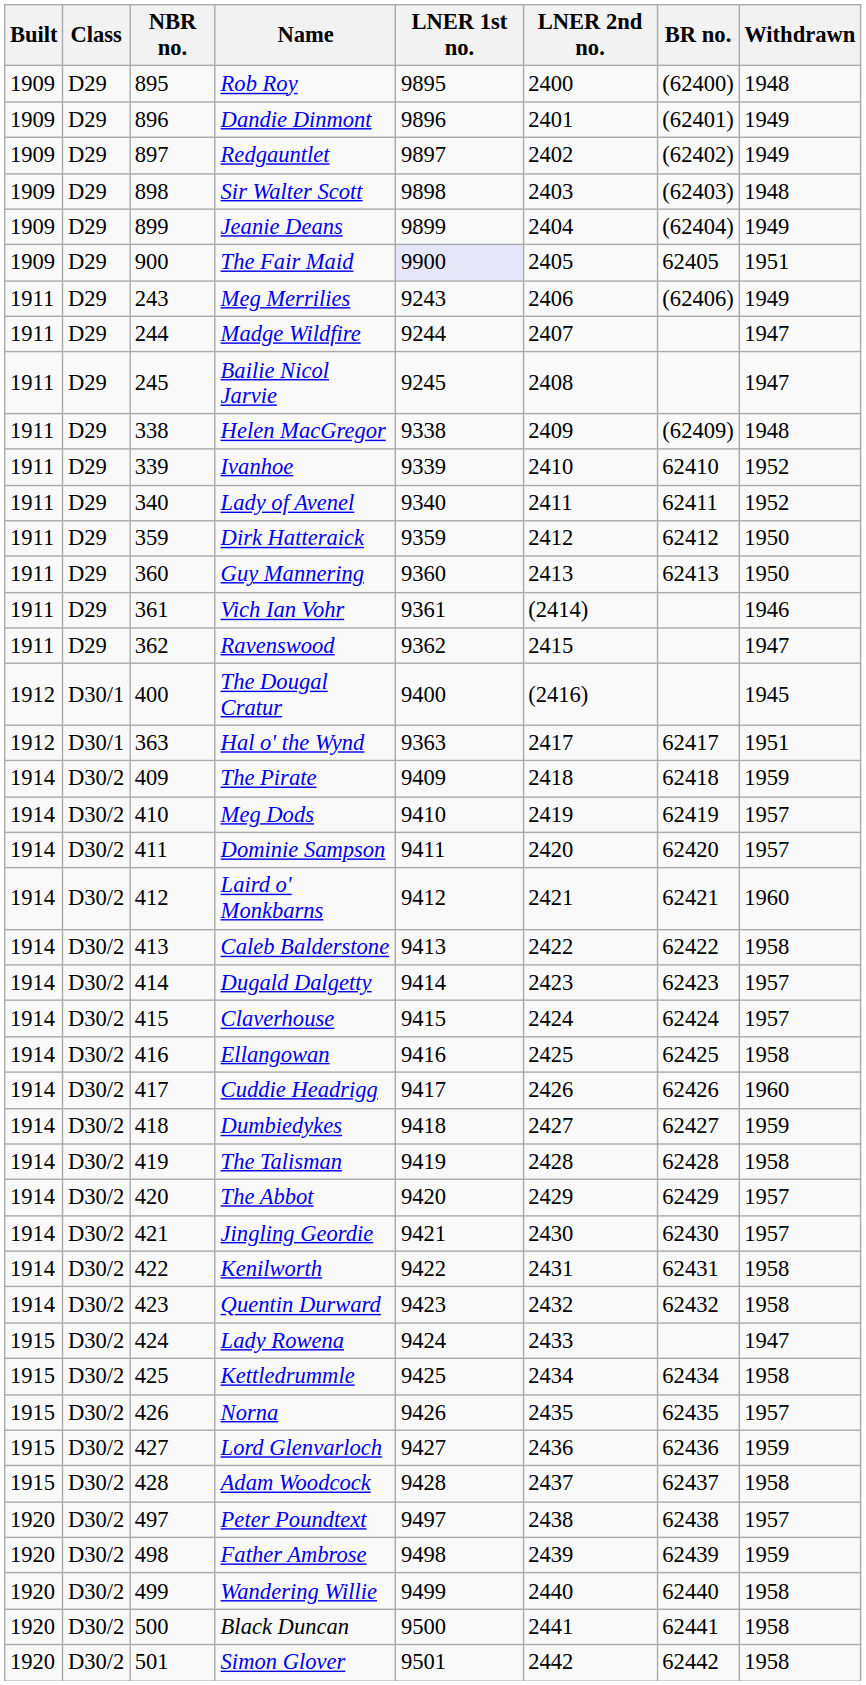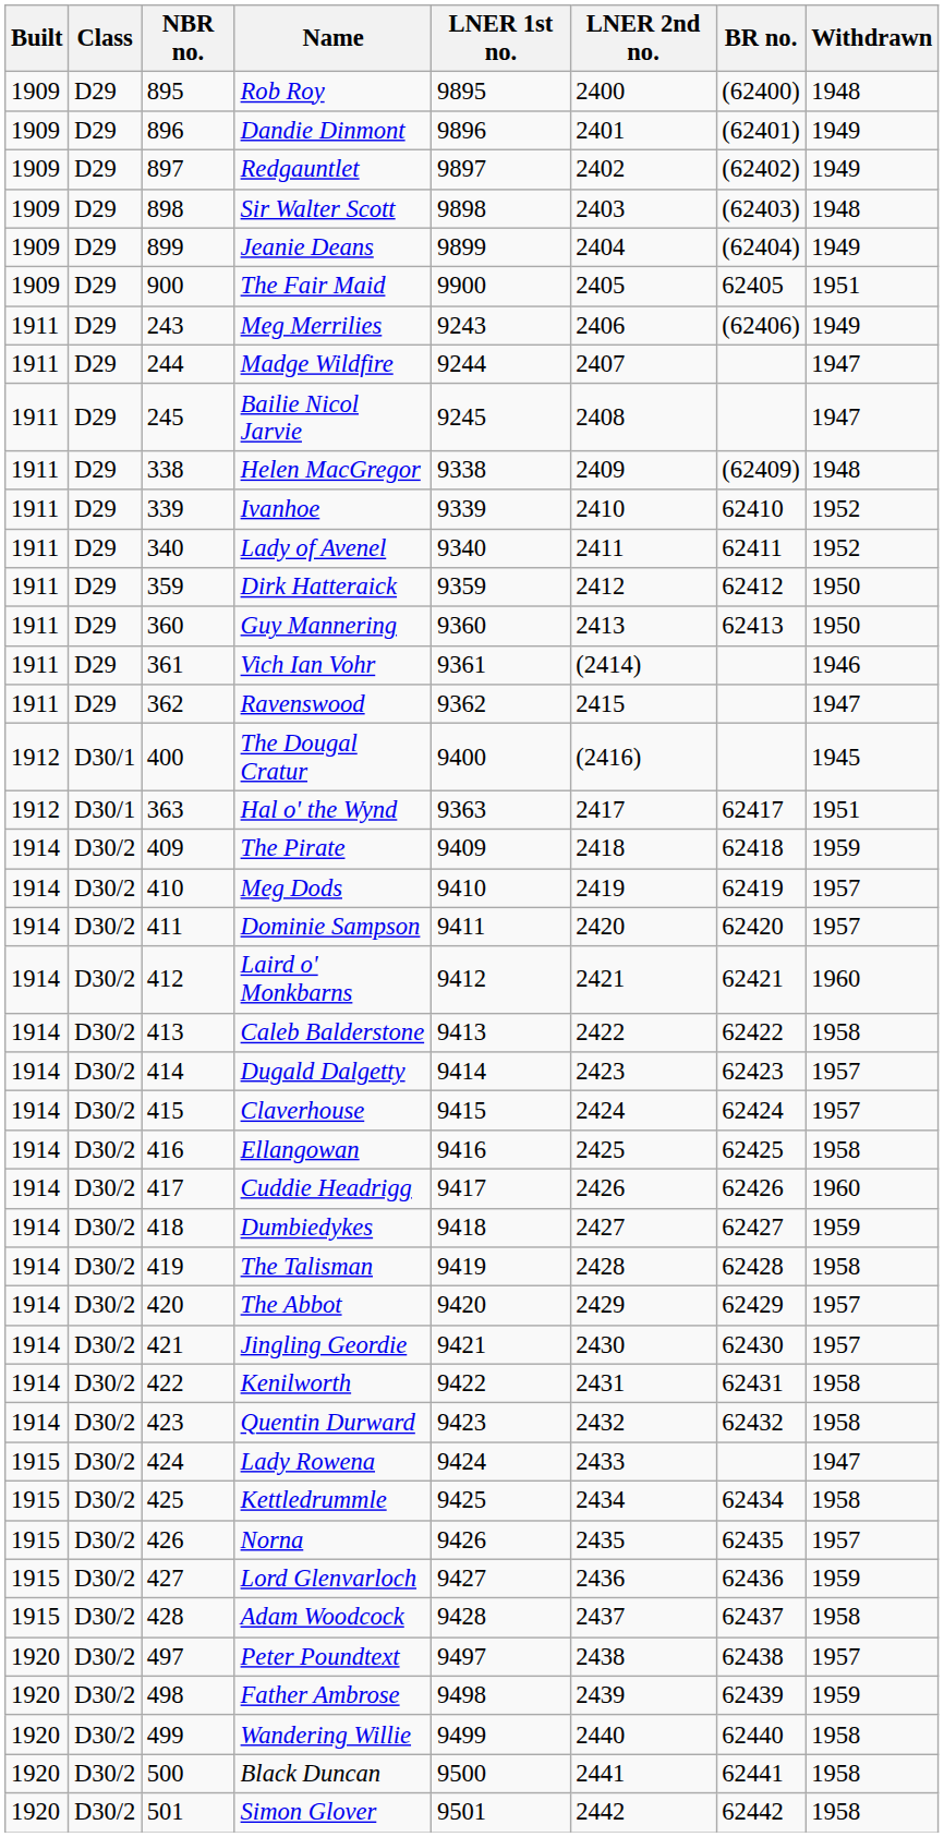 <table class="wikitable sortable">
 <tr>
 <th>Built</th>
 <th>Class</th>
 <th>NBR no.</th>
 <th>Name</th>
 <th>LNER 1st no.</th>
 <th>LNER 2nd no.</th>
 <th>BR no.</th>
 <th>Withdrawn</th>
 </tr>
 <tr>
 <td>1909</td>
 <td>D29</td>
 <td>895</td>
 <td><em><a href='#'>Rob Roy</a></em></td>
 <td>9895</td>
 <td>2400</td>
 <td>(62400)</td>
 <td>1948</td>
 </tr>
 <tr>
 <td>1909</td>
 <td>D29</td>
 <td>896</td>
 <td><em><a href='#'>Dandie Dinmont</a></em></td>
 <td>9896</td>
 <td>2401</td>
 <td>(62401)</td>
 <td>1949</td>
 </tr>
 <tr>
 <td>1909</td>
 <td>D29</td>
 <td>897</td>
 <td><em><a href='#'>Redgauntlet</a></em></td>
 <td>9897</td>
 <td>2402</td>
 <td>(62402)</td>
 <td>1949</td>
 </tr>
 <tr>
 <td>1909</td>
 <td>D29</td>
 <td>898</td>
 <td><em><a href='#'>Sir Walter Scott</a></em></td>
 <td>9898</td>
 <td>2403</td>
 <td>(62403)</td>
 <td>1948</td>
 </tr>
 <tr>
 <td>1909</td>
 <td>D29</td>
 <td>899</td>
 <td><em><a href='#'>Jeanie Deans</a></em></td>
 <td>9899</td>
 <td>2404</td>
 <td>(62404)</td>
 <td>1949</td>
 </tr>
 <tr>
 <td>1909</td>
 <td>D29</td>
 <td>900</td>
 <td><em><a href='#'>The Fair Maid</a></em></td>
-<td style="background: lavender;">9900</td>
+<td>9900</td>
 <td>2405</td>
 <td>62405</td>
 <td>1951</td>
 </tr>
 <tr>
 <td>1911</td>
 <td>D29</td>
 <td>243</td>
 <td><em><a href='#'>Meg Merrilies</a></em></td>
 <td>9243</td>
 <td>2406</td>
 <td>(62406)</td>
 <td>1949</td>
 </tr>
 <tr>
 <td>1911</td>
 <td>D29</td>
 <td>244</td>
 <td><em><a href='#'>Madge Wildfire</a></em></td>
 <td>9244</td>
 <td>2407</td>
 <td></td>
 <td>1947</td>
 </tr>
 <tr>
 <td>1911</td>
 <td>D29</td>
 <td>245</td>
 <td><em><a href='#'>Bailie Nicol Jarvie</a></em></td>
 <td>9245</td>
 <td>2408</td>
 <td></td>
 <td>1947</td>
 </tr>
 <tr>
 <td>1911</td>
 <td>D29</td>
 <td>338</td>
 <td><em><a href='#'>Helen MacGregor</a></em></td>
 <td>9338</td>
 <td>2409</td>
 <td>(62409)</td>
 <td>1948</td>
 </tr>
 <tr>
 <td>1911</td>
 <td>D29</td>
 <td>339</td>
 <td><em><a href='#'>Ivanhoe</a></em></td>
 <td>9339</td>
 <td>2410</td>
 <td>62410</td>
 <td>1952</td>
 </tr>
 <tr>
 <td>1911</td>
 <td>D29</td>
 <td>340</td>
 <td><em><a href='#'>Lady of Avenel</a></em></td>
 <td>9340</td>
 <td>2411</td>
 <td>62411</td>
 <td>1952</td>
 </tr>
 <tr>
 <td>1911</td>
 <td>D29</td>
 <td>359</td>
 <td><em><a href='#'>Dirk Hatteraick</a></em></td>
 <td>9359</td>
 <td>2412</td>
 <td>62412</td>
 <td>1950</td>
 </tr>
 <tr>
 <td>1911</td>
 <td>D29</td>
 <td>360</td>
 <td><em><a href='#'>Guy Mannering</a></em></td>
 <td>9360</td>
 <td>2413</td>
 <td>62413</td>
 <td>1950</td>
 </tr>
 <tr>
 <td>1911</td>
 <td>D29</td>
 <td>361</td>
 <td><em><a href='#'>Vich Ian Vohr</a></em></td>
 <td>9361</td>
 <td>(2414)</td>
 <td></td>
 <td>1946</td>
 </tr>
 <tr>
 <td>1911</td>
 <td>D29</td>
 <td>362</td>
 <td><em><a href='#'>Ravenswood</a></em></td>
 <td>9362</td>
 <td>2415</td>
 <td></td>
 <td>1947</td>
 </tr>
 <tr>
 <td>1912</td>
 <td>D30/1</td>
 <td>400</td>
 <td><em><a href='#'>The Dougal Cratur</a></em></td>
 <td>9400</td>
 <td>(2416)</td>
 <td></td>
 <td>1945</td>
 </tr>
 <tr>
 <td>1912</td>
 <td>D30/1</td>
 <td>363</td>
 <td><em><a href='#'>Hal o' the Wynd</a></em></td>
 <td>9363</td>
 <td>2417</td>
 <td>62417</td>
 <td>1951</td>
 </tr>
 <tr>
 <td>1914</td>
 <td>D30/2</td>
 <td>409</td>
 <td><em><a href='#'>The Pirate</a></em></td>
 <td>9409</td>
 <td>2418</td>
 <td>62418</td>
 <td>1959</td>
 </tr>
 <tr>
 <td>1914</td>
 <td>D30/2</td>
 <td>410</td>
 <td><em><a href='#'>Meg Dods</a></em></td>
 <td>9410</td>
 <td>2419</td>
 <td>62419</td>
 <td>1957</td>
 </tr>
 <tr>
 <td>1914</td>
 <td>D30/2</td>
 <td>411</td>
 <td><em><a href='#'>Dominie Sampson</a></em></td>
 <td>9411</td>
 <td>2420</td>
 <td>62420</td>
 <td>1957</td>
 </tr>
 <tr>
 <td>1914</td>
 <td>D30/2</td>
 <td>412</td>
 <td><em><a href='#'>Laird o' Monkbarns</a></em></td>
 <td>9412</td>
 <td>2421</td>
 <td>62421</td>
 <td>1960</td>
 </tr>
 <tr>
 <td>1914</td>
 <td>D30/2</td>
 <td>413</td>
 <td><em><a href='#'>Caleb Balderstone</a></em></td>
 <td>9413</td>
 <td>2422</td>
 <td>62422</td>
 <td>1958</td>
 </tr>
 <tr>
 <td>1914</td>
 <td>D30/2</td>
 <td>414</td>
 <td><em><a href='#'>Dugald Dalgetty</a></em></td>
 <td>9414</td>
 <td>2423</td>
 <td>62423</td>
 <td>1957</td>
 </tr>
 <tr>
 <td>1914</td>
 <td>D30/2</td>
 <td>415</td>
 <td><em><a href='#'>Claverhouse</a></em></td>
 <td>9415</td>
 <td>2424</td>
 <td>62424</td>
 <td>1957</td>
 </tr>
 <tr>
 <td>1914</td>
 <td>D30/2</td>
 <td>416</td>
 <td><em><a href='#'>Ellangowan</a></em></td>
 <td>9416</td>
 <td>2425</td>
 <td>62425</td>
 <td>1958</td>
 </tr>
 <tr>
 <td>1914</td>
 <td>D30/2</td>
 <td>417</td>
 <td><em><a href='#'>Cuddie Headrigg</a></em></td>
 <td>9417</td>
 <td>2426</td>
 <td>62426</td>
 <td>1960</td>
 </tr>
 <tr>
 <td>1914</td>
 <td>D30/2</td>
 <td>418</td>
 <td><em><a href='#'>Dumbiedykes</a></em></td>
 <td>9418</td>
 <td>2427</td>
 <td>62427</td>
 <td>1959</td>
 </tr>
 <tr>
 <td>1914</td>
 <td>D30/2</td>
 <td>419</td>
 <td><em><a href='#'>The Talisman</a></em></td>
 <td>9419</td>
 <td>2428</td>
 <td>62428</td>
 <td>1958</td>
 </tr>
 <tr>
 <td>1914</td>
 <td>D30/2</td>
 <td>420</td>
 <td><em><a href='#'>The Abbot</a></em></td>
 <td>9420</td>
 <td>2429</td>
 <td>62429</td>
 <td>1957</td>
 </tr>
 <tr>
 <td>1914</td>
 <td>D30/2</td>
 <td>421</td>
 <td><em><a href='#'>Jingling Geordie</a></em></td>
 <td>9421</td>
 <td>2430</td>
 <td>62430</td>
 <td>1957</td>
 </tr>
 <tr>
 <td>1914</td>
 <td>D30/2</td>
 <td>422</td>
 <td><em><a href='#'>Kenilworth</a></em></td>
 <td>9422</td>
 <td>2431</td>
 <td>62431</td>
 <td>1958</td>
 </tr>
 <tr>
 <td>1914</td>
 <td>D30/2</td>
 <td>423</td>
 <td><em><a href='#'>Quentin Durward</a></em></td>
 <td>9423</td>
 <td>2432</td>
 <td>62432</td>
 <td>1958</td>
 </tr>
 <tr>
 <td>1915</td>
 <td>D30/2</td>
 <td>424</td>
 <td><em><a href='#'>Lady Rowena</a></em></td>
 <td>9424</td>
 <td>2433</td>
 <td></td>
 <td>1947</td>
 </tr>
 <tr>
 <td>1915</td>
 <td>D30/2</td>
 <td>425</td>
 <td><em><a href='#'>Kettledrummle</a></em></td>
 <td>9425</td>
 <td>2434</td>
 <td>62434</td>
 <td>1958</td>
 </tr>
 <tr>
 <td>1915</td>
 <td>D30/2</td>
 <td>426</td>
 <td><em><a href='#'>Norna</a></em></td>
 <td>9426</td>
 <td>2435</td>
 <td>62435</td>
 <td>1957</td>
 </tr>
 <tr>
 <td>1915</td>
 <td>D30/2</td>
 <td>427</td>
 <td><em><a href='#'>Lord Glenvarloch</a></em></td>
 <td>9427</td>
 <td>2436</td>
 <td>62436</td>
 <td>1959</td>
 </tr>
 <tr>
 <td>1915</td>
 <td>D30/2</td>
 <td>428</td>
 <td><em><a href='#'>Adam Woodcock</a></em></td>
 <td>9428</td>
 <td>2437</td>
 <td>62437</td>
 <td>1958</td>
 </tr>
 <tr>
 <td>1920</td>
 <td>D30/2</td>
 <td>497</td>
 <td><em><a href='#'>Peter Poundtext</a></em></td>
 <td>9497</td>
 <td>2438</td>
 <td>62438</td>
 <td>1957</td>
 </tr>
 <tr>
 <td>1920</td>
 <td>D30/2</td>
 <td>498</td>
 <td><em><a href='#'>Father Ambrose</a></em></td>
 <td>9498</td>
 <td>2439</td>
 <td>62439</td>
 <td>1959</td>
 </tr>
 <tr>
 <td>1920</td>
 <td>D30/2</td>
 <td>499</td>
 <td><em><a href='#'>Wandering Willie</a></em></td>
 <td>9499</td>
 <td>2440</td>
 <td>62440</td>
 <td>1958</td>
 </tr>
 <tr>
 <td>1920</td>
 <td>D30/2</td>
 <td>500</td>
 <td><em>Black Duncan</em></td>
 <td>9500</td>
 <td>2441</td>
 <td>62441</td>
 <td>1958</td>
 </tr>
 <tr>
 <td>1920</td>
 <td>D30/2</td>
 <td>501</td>
 <td><em><a href='#'>Simon Glover</a></em></td>
 <td>9501</td>
 <td>2442</td>
 <td>62442</td>
 <td>1958</td>
 </tr>
 </table>
